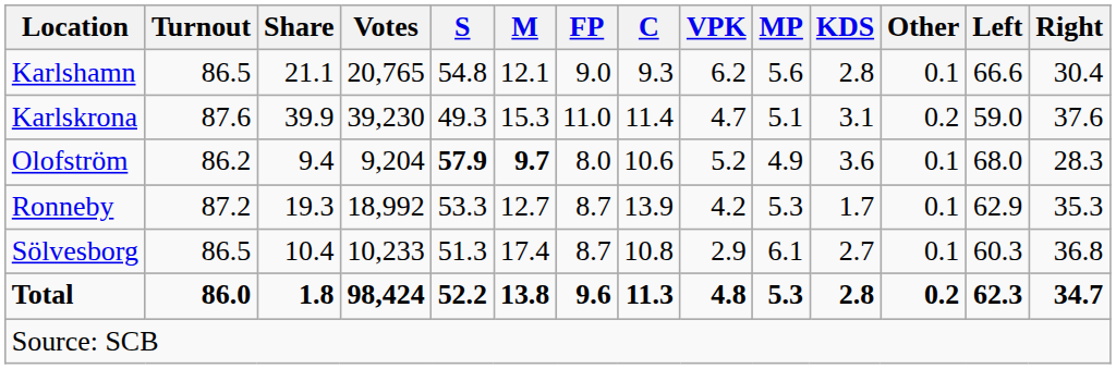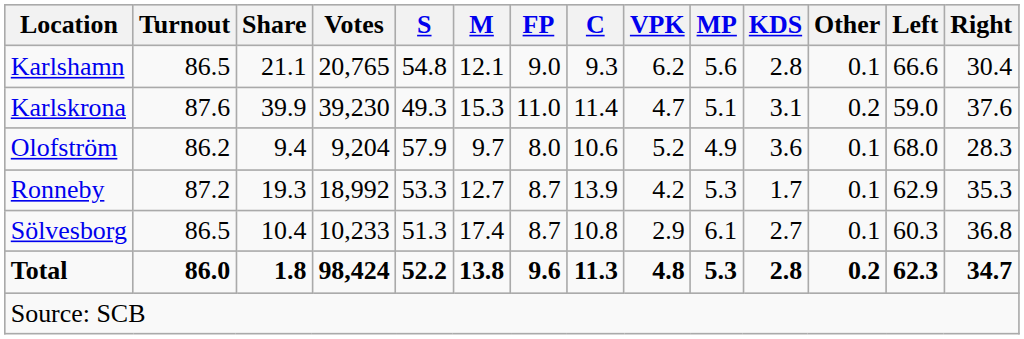 <table class="wikitable sortable" style=text-align:right>
 <tr>
 <th>Location</th>
 <th>Turnout</th>
 <th>Share</th>
 <th>Votes</th>
 <th><a href='#'>S</a></th>
 <th><a href='#'>M</a></th>
 <th><a href='#'>FP</a></th>
 <th><a href='#'>C</a></th>
 <th><a href='#'>VPK</a></th>
 <th><a href='#'>MP</a></th>
 <th><a href='#'>KDS</a></th>
 <th>Other</th>
 <th>Left</th>
 <th>Right</th>
 </tr>
 <tr>
 <td align=left><a href='#'>Karlshamn</a></td>
 <td>86.5</td>
 <td>21.1</td>
 <td>20,765</td>
 <td>54.8</td>
 <td>12.1</td>
 <td>9.0</td>
 <td>9.3</td>
 <td>6.2</td>
 <td>5.6</td>
 <td>2.8</td>
 <td>0.1</td>
 <td>66.6</td>
 <td>30.4</td>
 </tr>
 <tr>
 <td align=left><a href='#'>Karlskrona</a></td>
 <td>87.6</td>
 <td>39.9</td>
 <td>39,230</td>
 <td>49.3</td>
 <td>15.3</td>
 <td>11.0</td>
 <td>11.4</td>
 <td>4.7</td>
 <td>5.1</td>
 <td>3.1</td>
 <td>0.2</td>
 <td>59.0</td>
 <td>37.6</td>
 </tr>
 <tr>
 <td align=left><a href='#'>Olofström</a></td>
 <td>86.2</td>
 <td>9.4</td>
 <td>9,204</td>
-<td><strong>57.9</strong></td>
-<td><strong>9.7</strong></td>
+<td>57.9</td>
+<td>9.7</td>
 <td>8.0</td>
 <td>10.6</td>
 <td>5.2</td>
 <td>4.9</td>
 <td>3.6</td>
 <td>0.1</td>
 <td>68.0</td>
 <td>28.3</td>
 </tr>
 <tr>
 <td align=left><a href='#'>Ronneby</a></td>
 <td>87.2</td>
 <td>19.3</td>
 <td>18,992</td>
 <td>53.3</td>
 <td>12.7</td>
 <td>8.7</td>
 <td>13.9</td>
 <td>4.2</td>
 <td>5.3</td>
 <td>1.7</td>
 <td>0.1</td>
 <td>62.9</td>
 <td>35.3</td>
 </tr>
 <tr>
 <td align=left><a href='#'>Sölvesborg</a></td>
 <td>86.5</td>
 <td>10.4</td>
 <td>10,233</td>
 <td>51.3</td>
 <td>17.4</td>
 <td>8.7</td>
 <td>10.8</td>
 <td>2.9</td>
 <td>6.1</td>
 <td>2.7</td>
 <td>0.1</td>
 <td>60.3</td>
 <td>36.8</td>
 </tr>
 <tr>
 <td align=left><strong>Total</strong></td>
 <td><strong>86.0</strong></td>
 <td><strong>1.8</strong></td>
 <td><strong>98,424</strong></td>
 <td><strong>52.2</strong></td>
 <td><strong>13.8</strong></td>
 <td><strong>9.6</strong></td>
 <td><strong>11.3</strong></td>
 <td><strong>4.8</strong></td>
 <td><strong>5.3</strong></td>
 <td><strong>2.8</strong></td>
 <td><strong>0.2</strong></td>
 <td><strong>62.3</strong></td>
 <td><strong>34.7</strong></td>
 </tr>
 <tr>
 <td align=left colspan=14>Source: SCB </td>
 </tr>
 </table>
